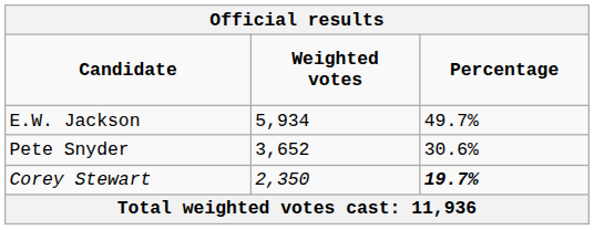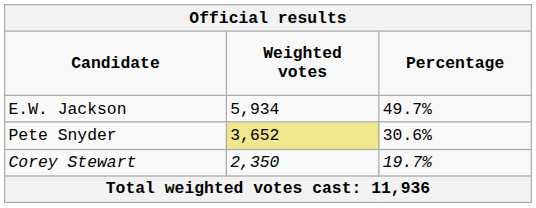 <table class="wikitable">
 <tr>
 <th colspan="3"><strong>Official results</strong></th>
 </tr>
 <tr>
 <td style="padding:10px; text-align:center; width:155px;"><strong>Candidate</strong></td>
 <td style="padding:10px; text-align:center; width:100px;"><strong>Weighted votes</strong></td>
 <td style="padding:10px; text-align:center; width:100px;"><strong>Percentage</strong><br></td>
 </tr>
 <tr>
 <td>E.W. Jackson</td>
 <td>5,934</td>
 <td>49.7%</td>
 </tr>
 <tr>
 <td>Pete Snyder</td>
-<td>3,652</td>
+<td style="background: khaki;">3,652</td>
 <td>30.6%</td>
 </tr>
 <tr>
 <td><em>Corey Stewart</em></td>
 <td><em>2,350</em></td>
-<td><strong><em>19.7%</em></strong></td>
+<td><em>19.7%</em></td>
 </tr>
 <tr>
 <th colspan="3">Total weighted votes cast: 11,936</th>
 </tr>
 </table>
